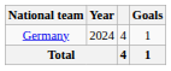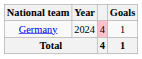 <table class="wikitable" style="text-align: center">
 <tr>
 <th>National team</th>
 <th>Year</th>
 <th></th>
 <th>Goals</th>
 </tr>
 <tr>
 <td><a href='#'>Germany</a></td>
 <td>2024</td>
-<td>4</td>
+<td style="background: pink;">4</td>
 <td>1</td>
 </tr>
 <tr>
 <th colspan="2">Total</th>
 <th>4</th>
 <th>1</th>
 </tr>
 </table>
